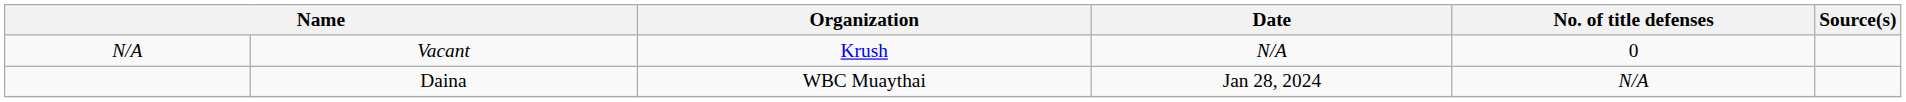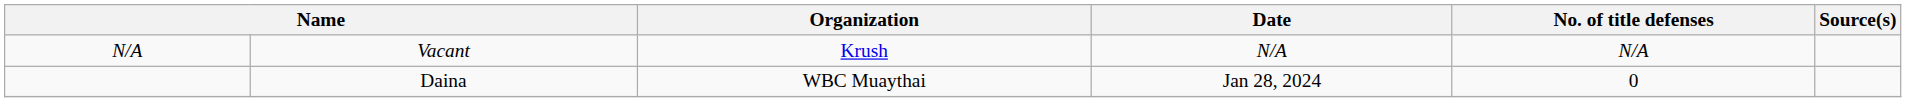 <table class="wikitable" style="width:99%; text-align:center;">
 <tr>
 <th colspan="2" style="width:35%;">Name</th>
 <th style="width:25%;">Organization</th>
 <th width=20%>Date</th>
 <th width=20%>No. of title defenses</th>
 <th>Source(s)</th>
 </tr>
 <tr>
 <td><em>N/A</em></td>
 <td><em>Vacant</em></td>
 <td><a href='#'>Krush</a></td>
 <td><em>N/A</em></td>
-<td>0</td>
+<td><em>N/A</em></td>
 <td></td>
 </tr>
 <tr>
 <td><br></td>
 <td>Daina <br></td>
 <td>WBC Muaythai</td>
 <td>Jan 28, 2024</td>
-<td><em>N/A</em></td>
+<td>0</td>
 <td></td>
 </tr>
 <tr>
 </tr>
 </table>
